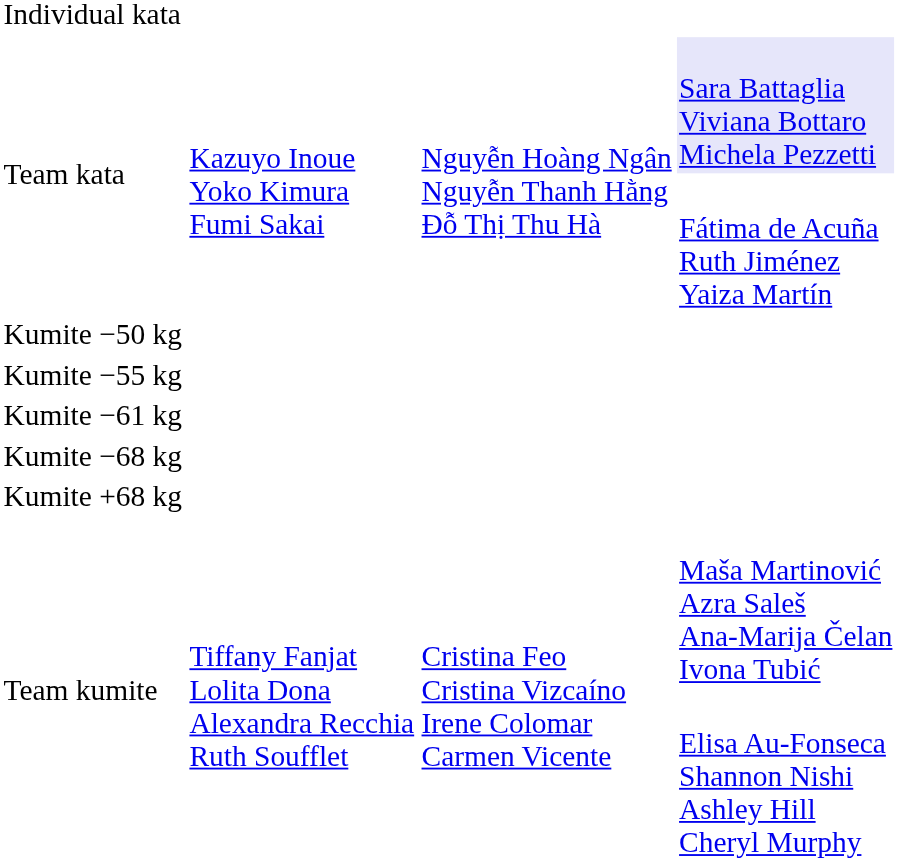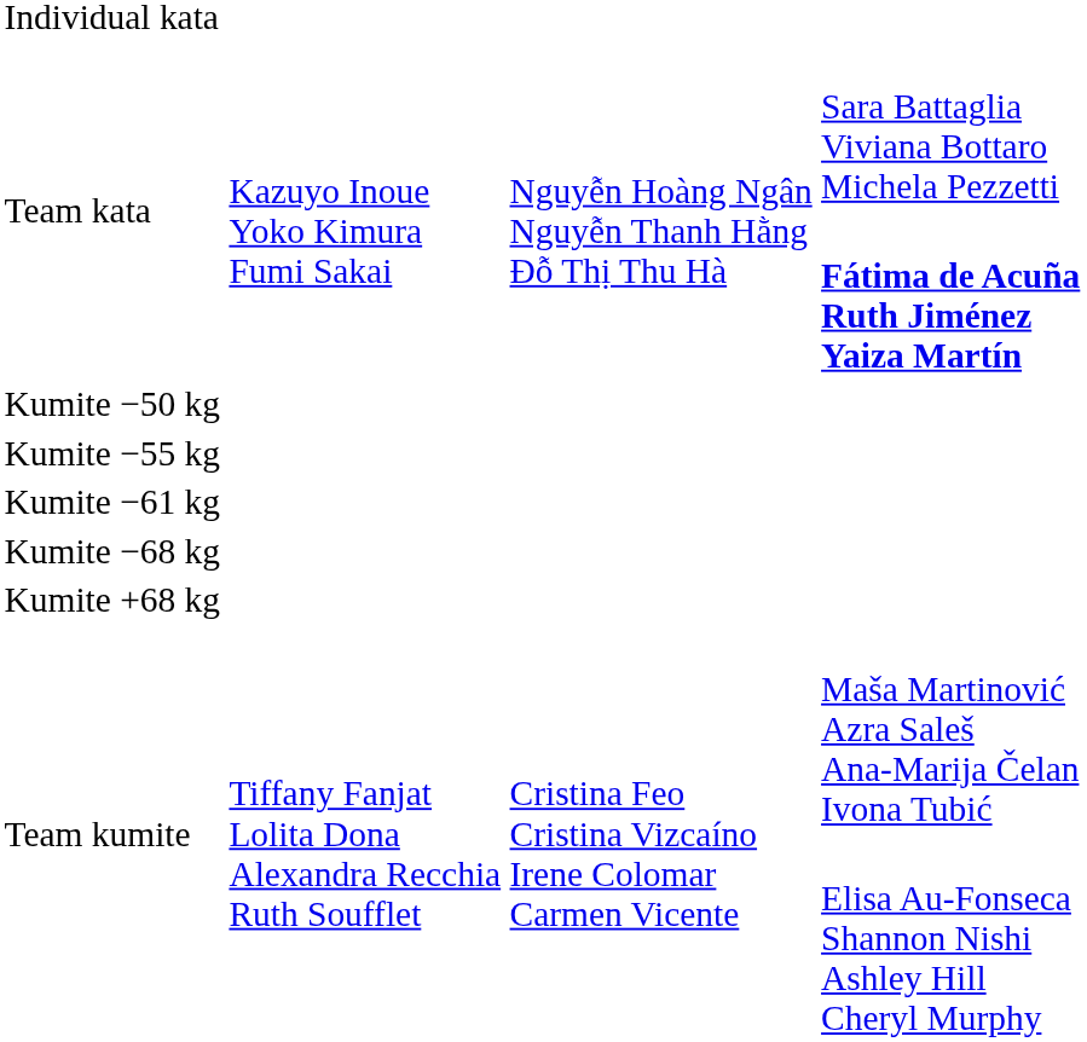 <table>
 <tr>
 <td rowspan=2>Individual kata</td>
 <td rowspan=2></td>
 <td rowspan=2></td>
 <td></td>
 </tr>
 <tr>
 <td></td>
 </tr>
 <tr>
 <td rowspan=2>Team kata</td>
 <td rowspan=2><br><a href='#'>Kazuyo Inoue</a><br><a href='#'>Yoko Kimura</a><br><a href='#'>Fumi Sakai</a></td>
 <td rowspan=2><br><a href='#'>Nguyễn Hoàng Ngân</a><br><a href='#'>Nguyễn Thanh Hằng</a><br><a href='#'>Đỗ Thị Thu Hà</a></td>
-<td style="background: lavender;"><br><a href='#'>Sara Battaglia</a><br><a href='#'>Viviana Bottaro</a><br><a href='#'>Michela Pezzetti</a></td>
+<td><br><a href='#'>Sara Battaglia</a><br><a href='#'>Viviana Bottaro</a><br><a href='#'>Michela Pezzetti</a></td>
 </tr>
 <tr>
-<td><br><a href='#'>Fátima de Acuña</a><br><a href='#'>Ruth Jiménez</a><br><a href='#'>Yaiza Martín</a></td>
+<td><strong><br><a href='#'>Fátima de Acuña</a><br><a href='#'>Ruth Jiménez</a><br><a href='#'>Yaiza Martín</a></strong></td>
 </tr>
 <tr>
 <td rowspan=2>Kumite −50 kg</td>
 <td rowspan=2></td>
 <td rowspan=2></td>
 <td></td>
 </tr>
 <tr>
 <td></td>
 </tr>
 <tr>
 <td rowspan=2>Kumite −55 kg</td>
 <td rowspan=2></td>
 <td rowspan=2></td>
 <td></td>
 </tr>
 <tr>
 <td></td>
 </tr>
 <tr>
 <td rowspan=2>Kumite −61 kg</td>
 <td rowspan=2></td>
 <td rowspan=2></td>
 <td></td>
 </tr>
 <tr>
 <td></td>
 </tr>
 <tr>
 <td rowspan=2>Kumite −68 kg</td>
 <td rowspan=2></td>
 <td rowspan=2></td>
 <td></td>
 </tr>
 <tr>
 <td></td>
 </tr>
 <tr>
 <td rowspan=2>Kumite +68 kg</td>
 <td rowspan=2></td>
 <td rowspan=2></td>
 <td></td>
 </tr>
 <tr>
 <td></td>
 </tr>
 <tr>
 <td rowspan=2>Team kumite</td>
 <td rowspan=2><br><a href='#'>Tiffany Fanjat</a><br><a href='#'>Lolita Dona</a><br><a href='#'>Alexandra Recchia</a><br><a href='#'>Ruth Soufflet</a></td>
 <td rowspan=2><br><a href='#'>Cristina Feo</a><br><a href='#'>Cristina Vizcaíno</a><br><a href='#'>Irene Colomar</a><br><a href='#'>Carmen Vicente</a></td>
 <td><br><a href='#'>Maša Martinović</a><br><a href='#'>Azra Saleš</a><br><a href='#'>Ana-Marija Čelan</a><br><a href='#'>Ivona Tubić</a></td>
 </tr>
 <tr>
 <td><br><a href='#'>Elisa Au-Fonseca</a><br><a href='#'>Shannon Nishi</a><br><a href='#'>Ashley Hill</a><br><a href='#'>Cheryl Murphy</a></td>
 </tr>
 </table>
